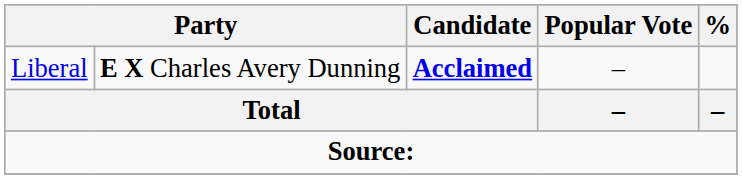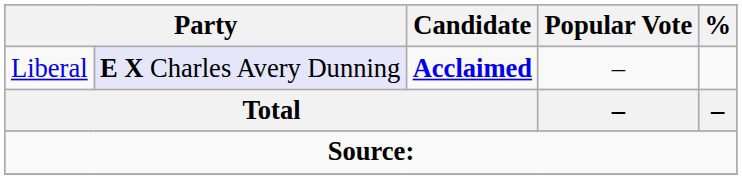 <table class="wikitable">
 <tr>
 <th colspan="2">Party</th>
 <th>Candidate</th>
 <th>Popular Vote</th>
 <th>%</th>
 </tr>
 <tr>
 <td><a href='#'>Liberal</a></td>
-<td><strong>E</strong> <strong>X</strong> Charles Avery Dunning</td>
+<td style="background: lavender;"><strong>E</strong> <strong>X</strong> Charles Avery Dunning</td>
 <td align=center><strong><a href='#'>Acclaimed</a></strong></td>
 <td align=center>–</td>
 </tr>
 <tr>
 <th colspan=3>Total</th>
 <th>–</th>
 <th>–</th>
 </tr>
 <tr>
 <td align="center" colspan=5><strong>Source:</strong> </td>
 </tr>
 <tr>
 </tr>
 </table>
